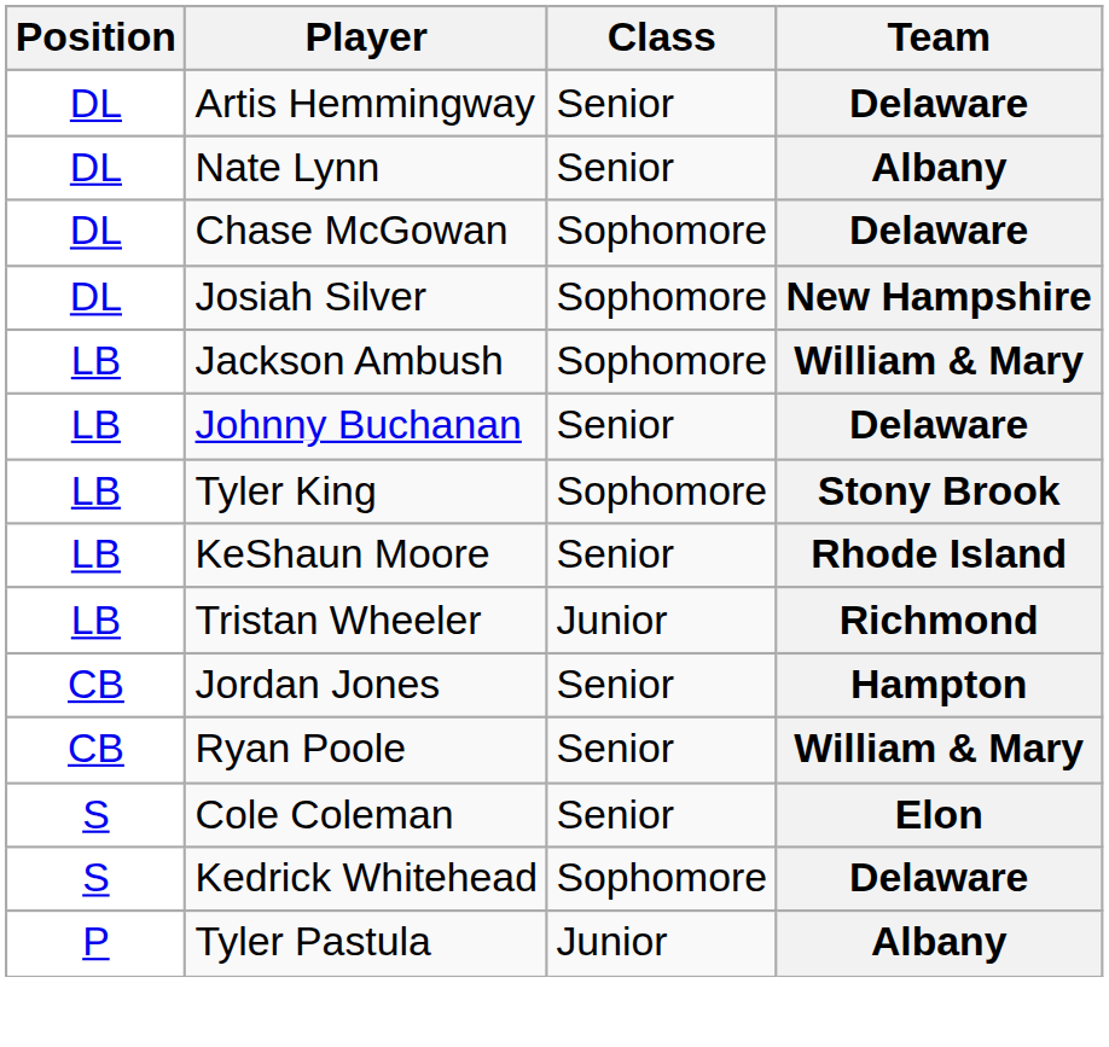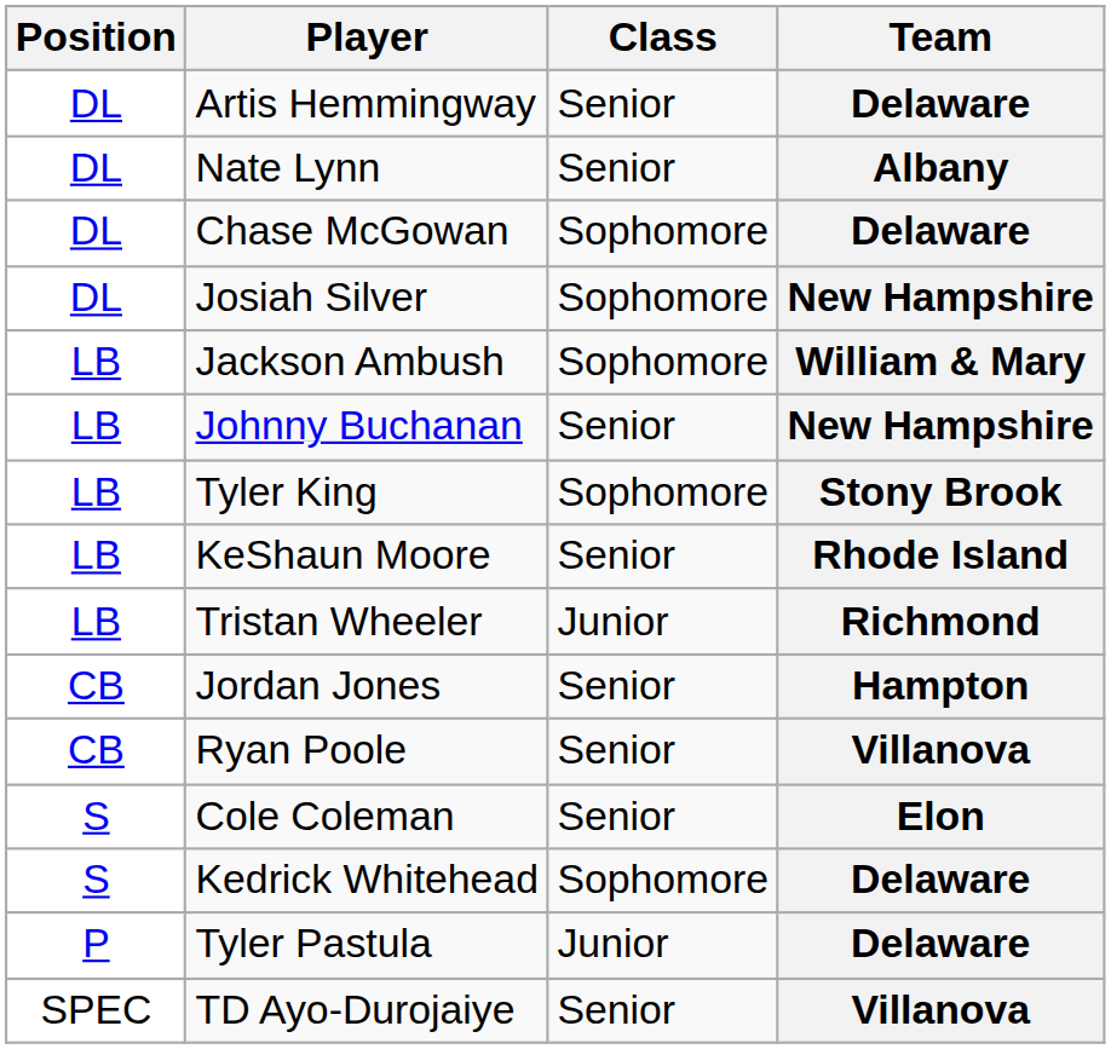 <table class="wikitable sortable" border="1">
 <tr>
 <th>Position</th>
 <th>Player</th>
 <th>Class</th>
 <th>Team</th>
 </tr>
 <tr>
 <td style="text-align:center; background:white"><a href='#'>DL</a></td>
 <td>Artis Hemmingway</td>
 <td>Senior</td>
 <th>Delaware</th>
 </tr>
 <tr>
 <td style="text-align:center; background:white"><a href='#'>DL</a></td>
 <td>Nate Lynn</td>
 <td>Senior</td>
 <th>Albany</th>
 </tr>
 <tr>
 <td style="text-align:center; background:white"><a href='#'>DL</a></td>
 <td>Chase McGowan</td>
 <td>Sophomore</td>
 <th>Delaware</th>
 </tr>
 <tr>
 <td style="text-align:center; background:white"><a href='#'>DL</a></td>
 <td>Josiah Silver</td>
 <td>Sophomore</td>
 <th>New Hampshire</th>
 </tr>
 <tr>
 <td style="text-align:center; background:white"><a href='#'>LB</a></td>
 <td>Jackson Ambush</td>
 <td>Sophomore</td>
 <th>William & Mary</th>
 </tr>
 <tr>
 <td style="text-align:center; background:white"><a href='#'>LB</a></td>
 <td><a href='#'>Johnny Buchanan</a></td>
 <td>Senior</td>
-<th>Delaware</th>
+<th>New Hampshire</th>
 </tr>
 <tr>
 <td style="text-align:center; background:white"><a href='#'>LB</a></td>
 <td>Tyler King</td>
 <td>Sophomore</td>
 <th>Stony Brook</th>
 </tr>
 <tr>
 <td style="text-align:center; background:white"><a href='#'>LB</a></td>
 <td>KeShaun Moore</td>
 <td>Senior</td>
 <th>Rhode Island</th>
 </tr>
 <tr>
 <td style="text-align:center; background:white"><a href='#'>LB</a></td>
 <td>Tristan Wheeler</td>
 <td>Junior</td>
 <th>Richmond</th>
 </tr>
 <tr>
 <td style="text-align:center; background:white"><a href='#'>CB</a></td>
 <td>Jordan Jones</td>
 <td>Senior</td>
 <th>Hampton</th>
 </tr>
 <tr>
 <td style="text-align:center; background:white"><a href='#'>CB</a></td>
 <td>Ryan Poole</td>
 <td>Senior</td>
-<th>William & Mary</th>
+<th>Villanova</th>
 </tr>
 <tr>
 <td style="text-align:center; background:white"><a href='#'>S</a></td>
 <td>Cole Coleman</td>
 <td>Senior</td>
 <th>Elon</th>
 </tr>
 <tr>
 <td style="text-align:center; background:white"><a href='#'>S</a></td>
 <td>Kedrick Whitehead</td>
 <td>Sophomore</td>
 <th>Delaware</th>
 </tr>
 <tr>
 <td style="text-align:center; background:white"><a href='#'>P</a></td>
 <td>Tyler Pastula</td>
 <td>Junior</td>
-<th>Albany</th>
+<th>Delaware</th>
+</tr>
+<tr>
+<td style="text-align:center; background:white">SPEC</td>
+<td>TD Ayo-Durojaiye</td>
+<td>Senior</td>
+<th>Villanova</th>
 </tr>
 </table>
